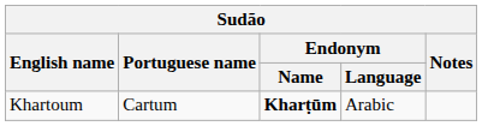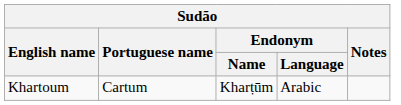 <table class="wikitable sortable">
 <tr>
 <th colspan="5"> Sudão</th>
 </tr>
 <tr>
 <th rowspan="2">English name</th>
 <th rowspan="2">Portuguese name</th>
 <th colspan="2">Endonym</th>
 <th rowspan="2">Notes</th>
 </tr>
 <tr>
 <th>Name</th>
 <th>Language</th>
 </tr>
 <tr>
 <td>Khartoum</td>
 <td>Cartum</td>
-<td><strong>Kharṭūm</strong></td>
+<td>Kharṭūm</td>
 <td>Arabic</td>
 <td></td>
 </tr>
 </table>
